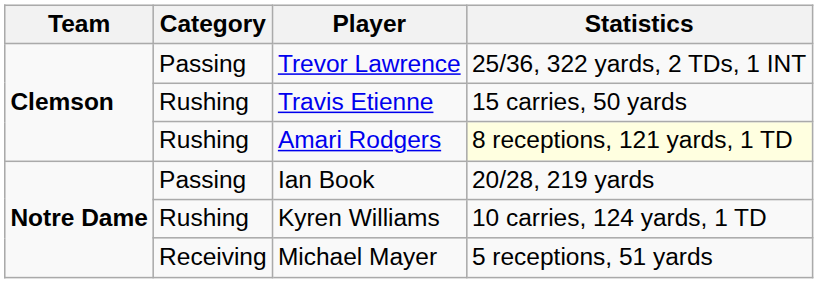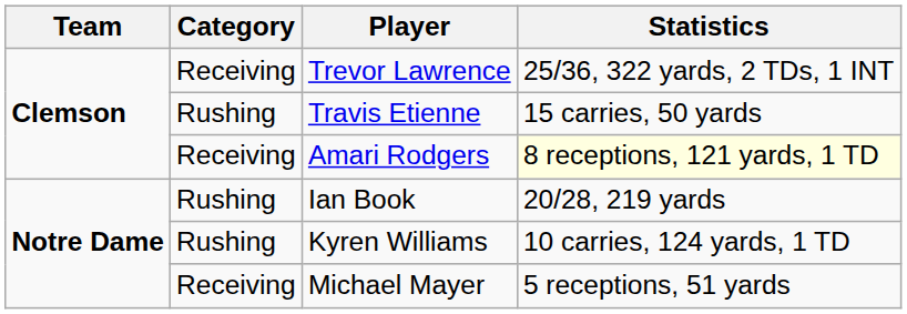 <table class="wikitable" style="float: left;">
 <tr>
 <th>Team</th>
 <th>Category</th>
 <th>Player</th>
 <th>Statistics</th>
 </tr>
 <tr>
 <td rowspan=3><strong>Clemson</strong></td>
-<td>Passing</td>
+<td>Receiving</td>
 <td><a href='#'>Trevor Lawrence</a></td>
 <td>25/36, 322 yards, 2 TDs, 1 INT</td>
 </tr>
 <tr>
 <td>Rushing</td>
 <td><a href='#'>Travis Etienne</a></td>
 <td>15 carries, 50 yards</td>
 </tr>
 <tr>
-<td>Rushing</td>
+<td>Receiving</td>
 <td><a href='#'>Amari Rodgers</a></td>
 <td style="background: lightyellow;">8 receptions, 121 yards, 1 TD</td>
 </tr>
 <tr>
 <td rowspan=3><strong>Notre Dame</strong></td>
-<td>Passing</td>
+<td>Rushing</td>
 <td>Ian Book</td>
 <td>20/28, 219 yards</td>
 </tr>
 <tr>
 <td>Rushing</td>
 <td>Kyren Williams</td>
 <td>10 carries, 124 yards, 1 TD</td>
 </tr>
 <tr>
 <td>Receiving</td>
 <td>Michael Mayer</td>
 <td>5 receptions, 51 yards</td>
 </tr>
 </table>
